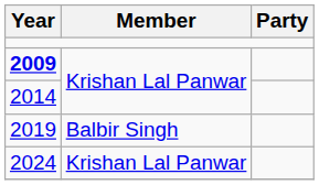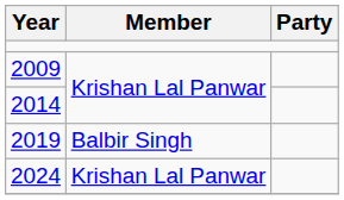 <table class="wikitable">
 <tr>
 <th>Year</th>
 <th>Member</th>
 <th colspan="2">Party</th>
 </tr>
 <tr>
 <td colspan="4"></td>
 </tr>
 <tr>
-<td><strong><a href='#'>2009</a></strong></td>
+<td><a href='#'>2009</a></td>
 <td rowspan=2><a href='#'>Krishan Lal Panwar</a></td>
 <td></td>
 </tr>
 <tr>
 <td><a href='#'>2014</a></td>
 <td></td>
 </tr>
 <tr>
 <td><a href='#'>2019</a></td>
 <td><a href='#'>Balbir Singh</a></td>
 <td></td>
 </tr>
 <tr>
 <td><a href='#'>2024</a></td>
 <td><a href='#'>Krishan Lal Panwar</a></td>
 <td></td>
 </tr>
 <tr>
 </tr>
 </table>
